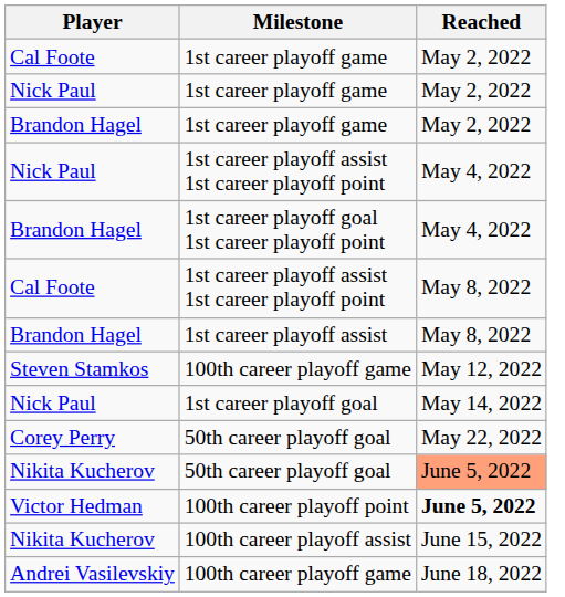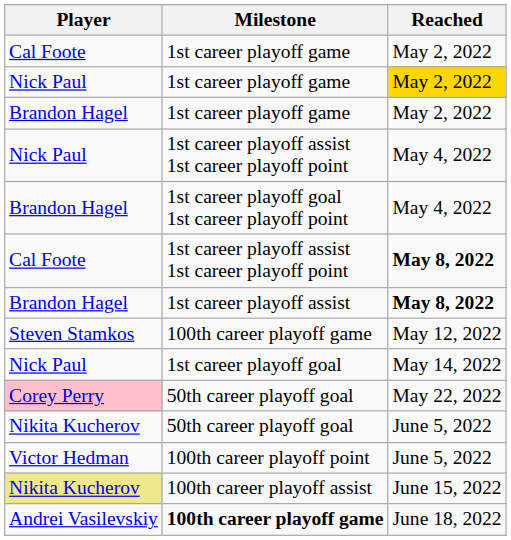 <table class="wikitable sortable">
 <tr align=center>
 <th>Player</th>
 <th>Milestone</th>
 <th data-sort-type="date">Reached</th>
 </tr>
 <tr>
 <td><a href='#'>Cal Foote</a></td>
 <td>1st career playoff game</td>
 <td>May 2, 2022</td>
 </tr>
 <tr>
 <td><a href='#'>Nick Paul</a></td>
 <td>1st career playoff game</td>
-<td>May 2, 2022</td>
+<td style="background: gold;">May 2, 2022</td>
 </tr>
 <tr>
 <td><a href='#'>Brandon Hagel</a></td>
 <td>1st career playoff game</td>
 <td>May 2, 2022</td>
 </tr>
 <tr>
 <td><a href='#'>Nick Paul</a></td>
 <td>1st career playoff assist<br>1st career playoff point</td>
 <td>May 4, 2022</td>
 </tr>
 <tr>
 <td><a href='#'>Brandon Hagel</a></td>
 <td>1st career playoff goal<br>1st career playoff point</td>
 <td>May 4, 2022</td>
 </tr>
 <tr>
 <td><a href='#'>Cal Foote</a></td>
 <td>1st career playoff assist<br>1st career playoff point</td>
-<td>May 8, 2022</td>
+<td><strong>May 8, 2022</strong></td>
 </tr>
 <tr>
 <td><a href='#'>Brandon Hagel</a></td>
 <td>1st career playoff assist</td>
-<td>May 8, 2022</td>
+<td><strong>May 8, 2022</strong></td>
 </tr>
 <tr>
 <td><a href='#'>Steven Stamkos</a></td>
 <td>100th career playoff game</td>
 <td>May 12, 2022</td>
 </tr>
 <tr>
 <td><a href='#'>Nick Paul</a></td>
 <td>1st career playoff goal</td>
 <td>May 14, 2022</td>
 </tr>
 <tr>
-<td><a href='#'>Corey Perry</a></td>
+<td style="background: pink;"><a href='#'>Corey Perry</a></td>
 <td>50th career playoff goal</td>
 <td>May 22, 2022</td>
 </tr>
 <tr>
 <td><a href='#'>Nikita Kucherov</a></td>
 <td>50th career playoff goal</td>
-<td style="background: lightsalmon;">June 5, 2022</td>
+<td>June 5, 2022</td>
 </tr>
 <tr>
 <td><a href='#'>Victor Hedman</a></td>
 <td>100th career playoff point</td>
-<td><strong>June 5, 2022</strong></td>
+<td>June 5, 2022</td>
 </tr>
 <tr>
-<td><a href='#'>Nikita Kucherov</a></td>
+<td style="background: khaki;"><a href='#'>Nikita Kucherov</a></td>
 <td>100th career playoff assist</td>
 <td>June 15, 2022</td>
 </tr>
 <tr>
 <td><a href='#'>Andrei Vasilevskiy</a></td>
-<td>100th career playoff game</td>
+<td><strong>100th career playoff game</strong></td>
 <td>June 18, 2022</td>
 </tr>
 </table>
